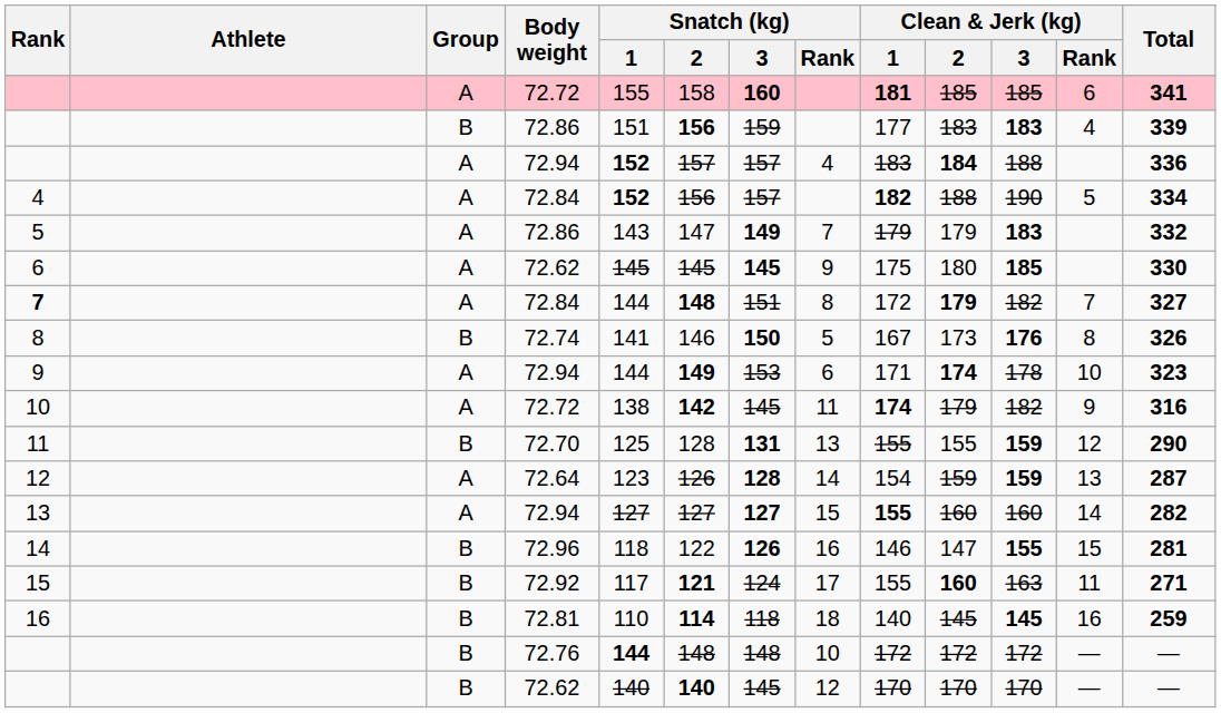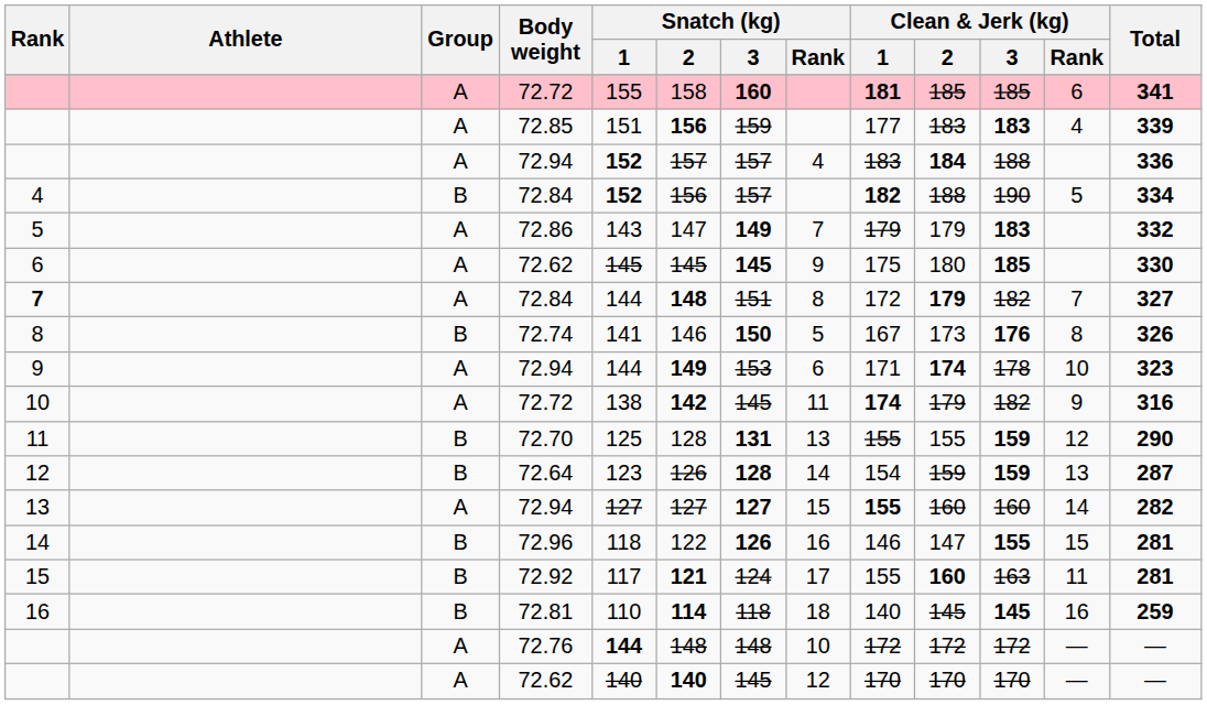 <table class = "wikitable" style="text-align:center;">
 <tr>
 <th rowspan=2 width=40>Rank</th>
 <th rowspan=2 width=250>Athlete</th>
 <th rowspan=2 width=50>Group</th>
 <th rowspan=2 width=60>Body weight</th>
 <th colspan=4>Snatch (kg)</th>
 <th colspan=4>Clean & Jerk (kg)</th>
 <th rowspan=2 width=60>Total</th>
 </tr>
 <tr>
 <th width=40>1</th>
 <th width=40>2</th>
 <th width=40>3</th>
 <th width=40>Rank</th>
 <th width=40>1</th>
 <th width=40>2</th>
 <th width=40>3</th>
 <th width=40>Rank</th>
 </tr>
 <tr bgcolor=pink>
 <td></td>
 <td align=left></td>
 <td>A</td>
 <td>72.72</td>
 <td>155</td>
 <td>158</td>
 <td><strong>160</strong></td>
 <td></td>
 <td><strong>181</strong></td>
 <td><s>185</s></td>
 <td><s>185</s></td>
 <td>6</td>
 <td><strong>341</strong></td>
 </tr>
 <tr>
 <td></td>
 <td align=left></td>
-<td>B</td>
-<td>72.86</td>
+<td>A</td>
+<td>72.85</td>
 <td>151</td>
 <td><strong>156</strong></td>
 <td><s>159</s></td>
 <td></td>
 <td>177</td>
 <td><s>183</s></td>
 <td><strong>183</strong></td>
 <td>4</td>
 <td><strong>339</strong></td>
 </tr>
 <tr>
 <td></td>
 <td align=left></td>
 <td>A</td>
 <td>72.94</td>
 <td><strong>152</strong></td>
 <td><s>157</s></td>
 <td><s>157</s></td>
 <td>4</td>
 <td><s>183</s></td>
 <td><strong>184</strong></td>
 <td><s>188</s></td>
 <td></td>
 <td><strong>336</strong></td>
 </tr>
 <tr>
 <td>4</td>
 <td align=left></td>
-<td>A</td>
+<td>B</td>
 <td>72.84</td>
 <td><strong>152</strong></td>
 <td><s>156</s></td>
 <td><s>157</s></td>
 <td></td>
 <td><strong>182</strong></td>
 <td><s>188</s></td>
 <td><s>190</s></td>
 <td>5</td>
 <td><strong>334</strong></td>
 </tr>
 <tr>
 <td>5</td>
 <td align=left></td>
 <td>A</td>
 <td>72.86</td>
 <td>143</td>
 <td>147</td>
 <td><strong>149</strong></td>
 <td>7</td>
 <td><s>179</s></td>
 <td>179</td>
 <td><strong>183</strong></td>
 <td></td>
 <td><strong>332</strong></td>
 </tr>
 <tr>
 <td>6</td>
 <td align=left></td>
 <td>A</td>
 <td>72.62</td>
 <td><s>145</s></td>
 <td><s>145</s></td>
 <td><strong>145</strong></td>
 <td>9</td>
 <td>175</td>
 <td>180</td>
 <td><strong>185</strong></td>
 <td></td>
 <td><strong>330</strong></td>
 </tr>
 <tr>
 <td><strong>7</strong></td>
 <td align=left></td>
 <td>A</td>
 <td>72.84</td>
 <td>144</td>
 <td><strong>148</strong></td>
 <td><s>151</s></td>
 <td>8</td>
 <td>172</td>
 <td><strong>179</strong></td>
 <td><s>182</s></td>
 <td>7</td>
 <td><strong>327</strong></td>
 </tr>
 <tr>
 <td>8</td>
 <td align=left></td>
 <td>B</td>
 <td>72.74</td>
 <td>141</td>
 <td>146</td>
 <td><strong>150</strong></td>
 <td>5</td>
 <td>167</td>
 <td>173</td>
 <td><strong>176</strong></td>
 <td>8</td>
 <td><strong>326</strong></td>
 </tr>
 <tr>
 <td>9</td>
 <td align=left></td>
 <td>A</td>
 <td>72.94</td>
 <td>144</td>
 <td><strong>149</strong></td>
 <td><s>153</s></td>
 <td>6</td>
 <td>171</td>
 <td><strong>174</strong></td>
 <td><s>178</s></td>
 <td>10</td>
 <td><strong>323</strong></td>
 </tr>
 <tr>
 <td>10</td>
 <td align=left></td>
 <td>A</td>
 <td>72.72</td>
 <td>138</td>
 <td><strong>142</strong></td>
 <td><s>145</s></td>
 <td>11</td>
 <td><strong>174</strong></td>
 <td><s>179</s></td>
 <td><s>182</s></td>
 <td>9</td>
 <td><strong>316</strong></td>
 </tr>
 <tr>
 <td>11</td>
 <td align=left></td>
 <td>B</td>
 <td>72.70</td>
 <td>125</td>
 <td>128</td>
 <td><strong>131</strong></td>
 <td>13</td>
 <td><s>155</s></td>
 <td>155</td>
 <td><strong>159</strong></td>
 <td>12</td>
 <td><strong>290</strong></td>
 </tr>
 <tr>
 <td>12</td>
 <td align=left></td>
-<td>A</td>
+<td>B</td>
 <td>72.64</td>
 <td>123</td>
 <td><s>126</s></td>
 <td><strong>128</strong></td>
 <td>14</td>
 <td>154</td>
 <td><s>159</s></td>
 <td><strong>159</strong></td>
 <td>13</td>
 <td><strong>287</strong></td>
 </tr>
 <tr>
 <td>13</td>
 <td align=left></td>
 <td>A</td>
 <td>72.94</td>
 <td><s>127</s></td>
 <td><s>127</s></td>
 <td><strong>127</strong></td>
 <td>15</td>
 <td><strong>155</strong></td>
 <td><s>160</s></td>
 <td><s>160</s></td>
 <td>14</td>
 <td><strong>282</strong></td>
 </tr>
 <tr>
 <td>14</td>
 <td align=left></td>
 <td>B</td>
 <td>72.96</td>
 <td>118</td>
 <td>122</td>
 <td><strong>126</strong></td>
 <td>16</td>
 <td>146</td>
 <td>147</td>
 <td><strong>155</strong></td>
 <td>15</td>
 <td><strong>281</strong></td>
 </tr>
 <tr>
 <td>15</td>
 <td align=left></td>
 <td>B</td>
 <td>72.92</td>
 <td>117</td>
 <td><strong>121</strong></td>
 <td><s>124</s></td>
 <td>17</td>
 <td>155</td>
 <td><strong>160</strong></td>
 <td><s>163</s></td>
 <td>11</td>
-<td><strong>271</strong></td>
+<td><strong>281</strong></td>
 </tr>
 <tr>
 <td>16</td>
 <td align=left></td>
 <td>B</td>
 <td>72.81</td>
 <td>110</td>
 <td><strong>114</strong></td>
 <td><s>118</s></td>
 <td>18</td>
 <td>140</td>
 <td><s>145</s></td>
 <td><strong>145</strong></td>
 <td>16</td>
 <td><strong>259</strong></td>
 </tr>
 <tr>
 <td></td>
 <td align=left></td>
-<td>B</td>
+<td>A</td>
 <td>72.76</td>
 <td><strong>144</strong></td>
 <td><s>148</s></td>
 <td><s>148</s></td>
 <td>10</td>
 <td><s>172</s></td>
 <td><s>172</s></td>
 <td><s>172</s></td>
 <td>—</td>
 <td>—</td>
 </tr>
 <tr>
 <td></td>
 <td align=left></td>
-<td>B</td>
+<td>A</td>
 <td>72.62</td>
 <td><s>140</s></td>
 <td><strong>140</strong></td>
 <td><s>145</s></td>
 <td>12</td>
 <td><s>170</s></td>
 <td><s>170</s></td>
 <td><s>170</s></td>
 <td>—</td>
 <td>—</td>
 </tr>
 </table>
